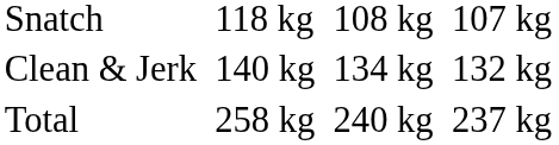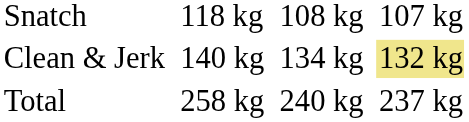 <table>
 <tr>
 <td>Snatch</td>
 <td></td>
 <td>118 kg</td>
 <td></td>
 <td>108 kg</td>
 <td></td>
 <td>107 kg</td>
 </tr>
 <tr>
 <td>Clean & Jerk</td>
 <td></td>
 <td>140 kg</td>
 <td></td>
 <td>134 kg</td>
 <td></td>
-<td>132 kg</td>
+<td style="background: khaki;">132 kg</td>
 </tr>
 <tr>
 <td>Total</td>
 <td></td>
 <td>258 kg</td>
 <td></td>
 <td>240 kg</td>
 <td></td>
 <td>237 kg</td>
 </tr>
 </table>
